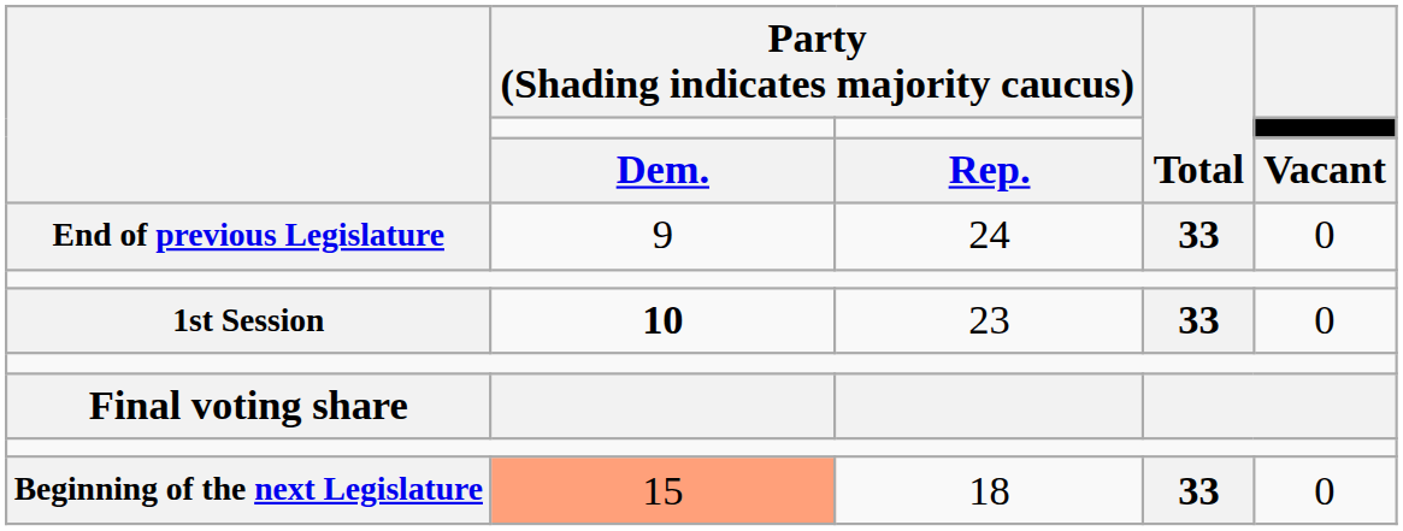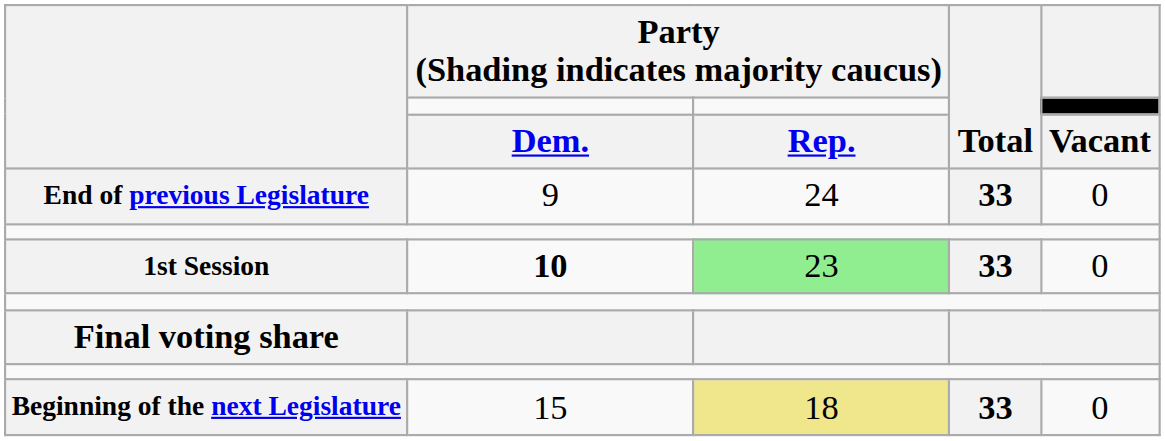 <table class=wikitable style="text-align:center">
 <tr style="vertical-align:bottom;">
 <th rowspan=3></th>
 <th colspan=2>Party <div>(Shading indicates majority caucus)</div></th>
 <th rowspan=3>Total</th>
 <th></th>
 </tr>
 <tr style="height:5px">
 <td style="background-color:"></td>
 <td style="background-color:"></td>
 <td style="background:black;"></td>
 </tr>
 <tr>
 <th><a href='#'>Dem.</a></th>
 <th><a href='#'>Rep.</a></th>
 <th>Vacant</th>
 </tr>
 <tr>
 <th style="font-size:80%;">End of <a href='#'>previous Legislature</a></th>
 <td>9</td>
 <td>24</td>
 <th>33</th>
 <td>0</td>
 </tr>
 <tr>
 <td colspan=6></td>
 </tr>
 <tr>
 <th style="font-size:80%;">1st Session</th>
 <td><strong>10</strong></td>
-<td>23</td>
+<td style="background: lightgreen;">23</td>
 <th>33</th>
 <td>0</td>
 </tr>
 <tr>
 <td colspan=6></td>
 </tr>
 <tr>
 <th>Final voting share</th>
 <th></th>
 <th></th>
 <th colspan=2></th>
 </tr>
 <tr>
 <td colspan=6></td>
 </tr>
 <tr>
 <th style="font-size:80%;">Beginning of the <a href='#'>next Legislature</a></th>
-<td style="background: lightsalmon;">15</td>
-<td>18</td>
+<td>15</td>
+<td style="background: khaki;">18</td>
 <th>33</th>
 <td>0</td>
 </tr>
 </table>
